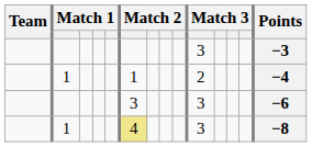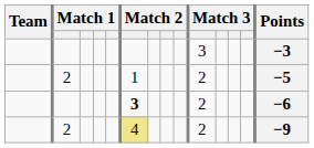 <table class="wikitable sortable" style="text-align:center">
 <tr>
 <th rowspan=2>Team</th>
 <th colspan=4 style="border-left:3px solid gray">Match 1</th>
 <th colspan=4 style="border-left:3px solid gray">Match 2</th>
 <th colspan=4 style="border-left:3px solid gray">Match 3</th>
 <th rowspan=2 style="border-left:3px solid gray">Points</th>
 </tr>
 <tr>
 <th style="border-left:3px solid gray"></th>
 <th></th>
 <th></th>
 <th></th>
 <th style="border-left:3px solid gray"></th>
 <th></th>
 <th></th>
 <th></th>
 <th style="border-left:3px solid gray"></th>
 <th></th>
 <th></th>
 <th></th>
 </tr>
 <tr>
 <td align=left></td>
 <td style="border-left:3px solid gray"></td>
 <td></td>
 <td></td>
 <td></td>
 <td style="border-left:3px solid gray"></td>
 <td></td>
 <td></td>
 <td></td>
 <td style="border-left:3px solid gray">3</td>
 <td></td>
 <td></td>
 <td></td>
 <th style="border-left:3px solid gray">−3</th>
 </tr>
 <tr>
 <td align=left></td>
-<td style="border-left:3px solid gray">1</td>
+<td style="border-left:3px solid gray">2</td>
 <td></td>
 <td></td>
 <td></td>
 <td style="border-left:3px solid gray">1</td>
 <td></td>
 <td></td>
 <td></td>
 <td style="border-left:3px solid gray">2</td>
 <td></td>
 <td></td>
 <td></td>
-<th style="border-left:3px solid gray">−4</th>
+<th style="border-left:3px solid gray">−5</th>
 </tr>
 <tr>
 <td align=left></td>
 <td style="border-left:3px solid gray"></td>
 <td></td>
 <td></td>
 <td></td>
-<td style="border-left:3px solid gray">3</td>
+<td style="border-left:3px solid gray"><strong>3</strong></td>
 <td></td>
 <td></td>
 <td></td>
-<td style="border-left:3px solid gray">3</td>
+<td style="border-left:3px solid gray">2</td>
 <td></td>
 <td></td>
 <td></td>
 <th style="border-left:3px solid gray">−6</th>
 </tr>
 <tr>
 <td align=left></td>
-<td style="border-left:3px solid gray">1</td>
+<td style="border-left:3px solid gray">2</td>
 <td></td>
 <td></td>
 <td></td>
 <td style="background: khaki; border-left:3px solid gray">4</td>
 <td></td>
 <td></td>
 <td></td>
-<td style="border-left:3px solid gray">3</td>
+<td style="border-left:3px solid gray">2</td>
 <td></td>
 <td></td>
 <td></td>
-<th style="border-left:3px solid gray">−8</th>
+<th style="border-left:3px solid gray">−9</th>
 </tr>
 </table>
